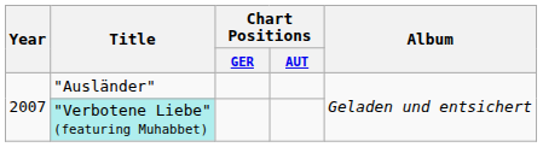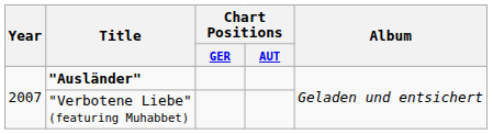 <table class="wikitable">
 <tr>
 <th rowspan="2">Year</th>
 <th rowspan="2">Title</th>
 <th colspan="2">Chart Positions</th>
 <th rowspan="2">Album</th>
 </tr>
 <tr>
 <th width="40"><small><a href='#'>GER</a></small></th>
 <th width="40"><small><a href='#'>AUT</a></small></th>
 </tr>
 <tr>
 <td rowspan="2">2007</td>
-<td>"Ausländer"</td>
+<td><strong>"Ausländer"</strong></td>
 <td></td>
 <td></td>
 <td rowspan="2"><em>Geladen und entsichert</em></td>
 </tr>
 <tr>
-<td style="background: paleturquoise;">"Verbotene Liebe"<br><small>(featuring Muhabbet)</small></td>
+<td>"Verbotene Liebe"<br><small>(featuring Muhabbet)</small></td>
 <td></td>
 <td></td>
 </tr>
 </table>
